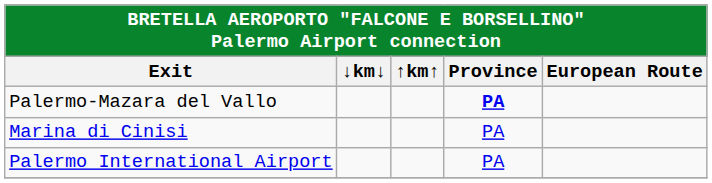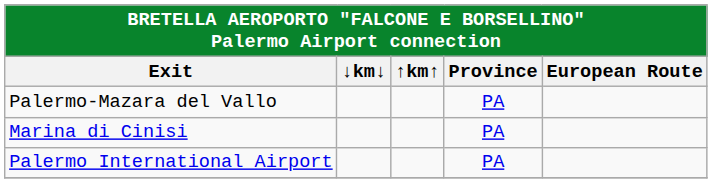 <table class="wikitable" border="1">
 <tr align="center" bgcolor="08842C" style="color: white;font-size:100%;">
 <td colspan="6"><strong> BRETELLA AEROPORTO "FALCONE E BORSELLINO"<br>Palermo Airport connection</strong></td>
 </tr>
 <tr>
 <th style="text-align:center;"><strong>Exit</strong></th>
 <th style="text-align:center;"><strong>↓km↓</strong></th>
 <th style="text-align:center;"><strong>↑km↑</strong></th>
 <th align="center"><strong>Province</strong></th>
 <th align="center"><strong>European Route</strong></th>
 </tr>
 <tr>
 <td>   Palermo-Mazara del Vallo</td>
 <td align="right"></td>
 <td align="right"></td>
-<td align="center"><strong><a href='#'>PA</a></strong></td>
+<td align="center"><a href='#'>PA</a></td>
 <td align="center"></td>
 </tr>
 <tr>
 <td> <a href='#'>Marina di Cinisi</a></td>
 <td align="right"></td>
 <td align="right"></td>
 <td align="center"><a href='#'>PA</a></td>
 <td align="center"></td>
 </tr>
 <tr>
 <td>  <a href='#'>Palermo International Airport</a></td>
 <td align="right"></td>
 <td align="right"></td>
 <td align="center"><a href='#'>PA</a></td>
 <td align="center"></td>
 </tr>
 <tr>
 </tr>
 </table>
